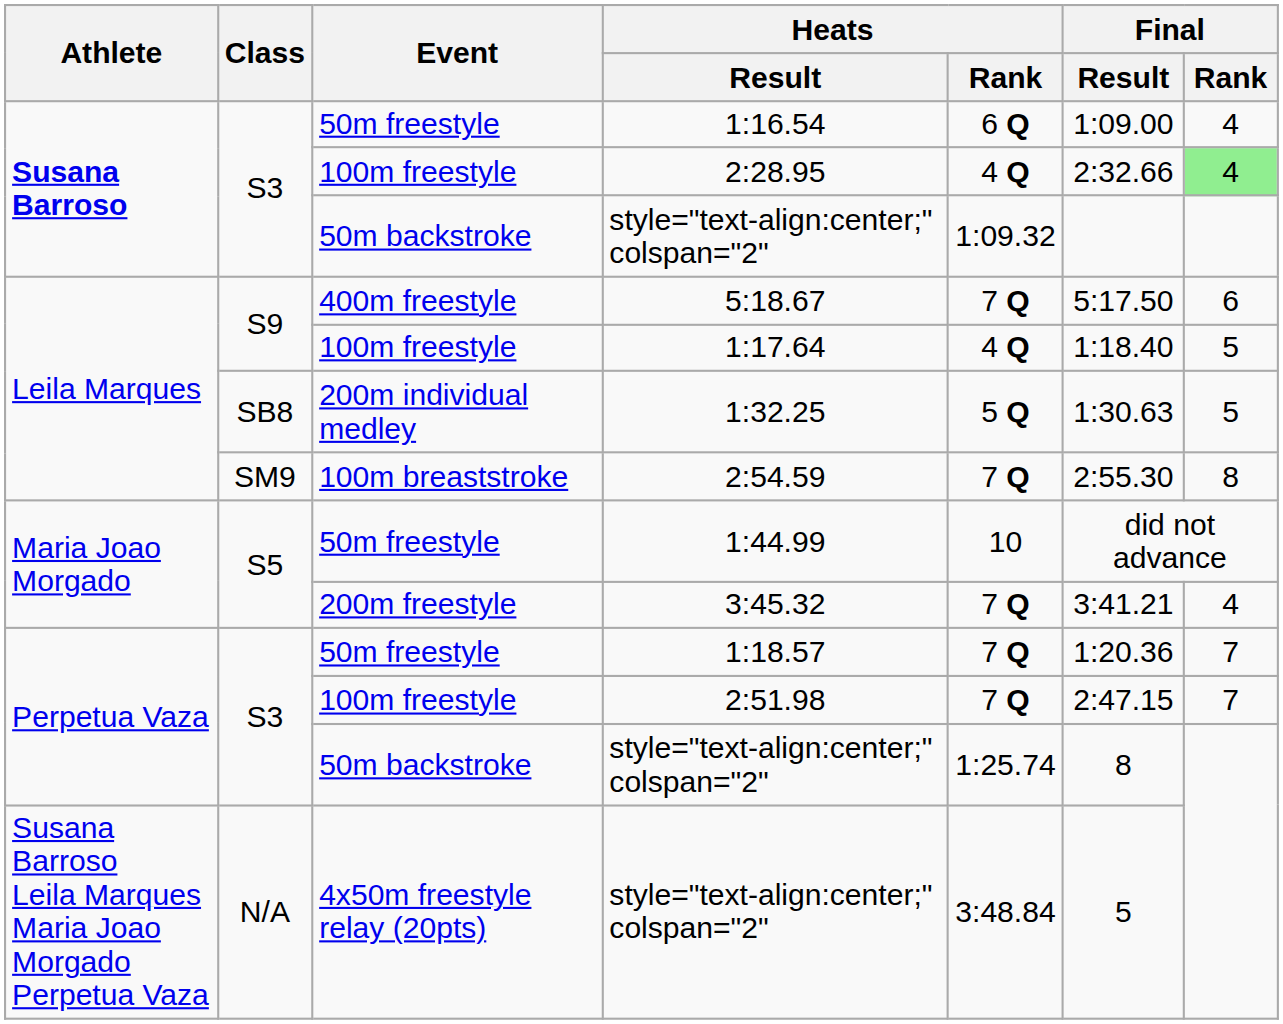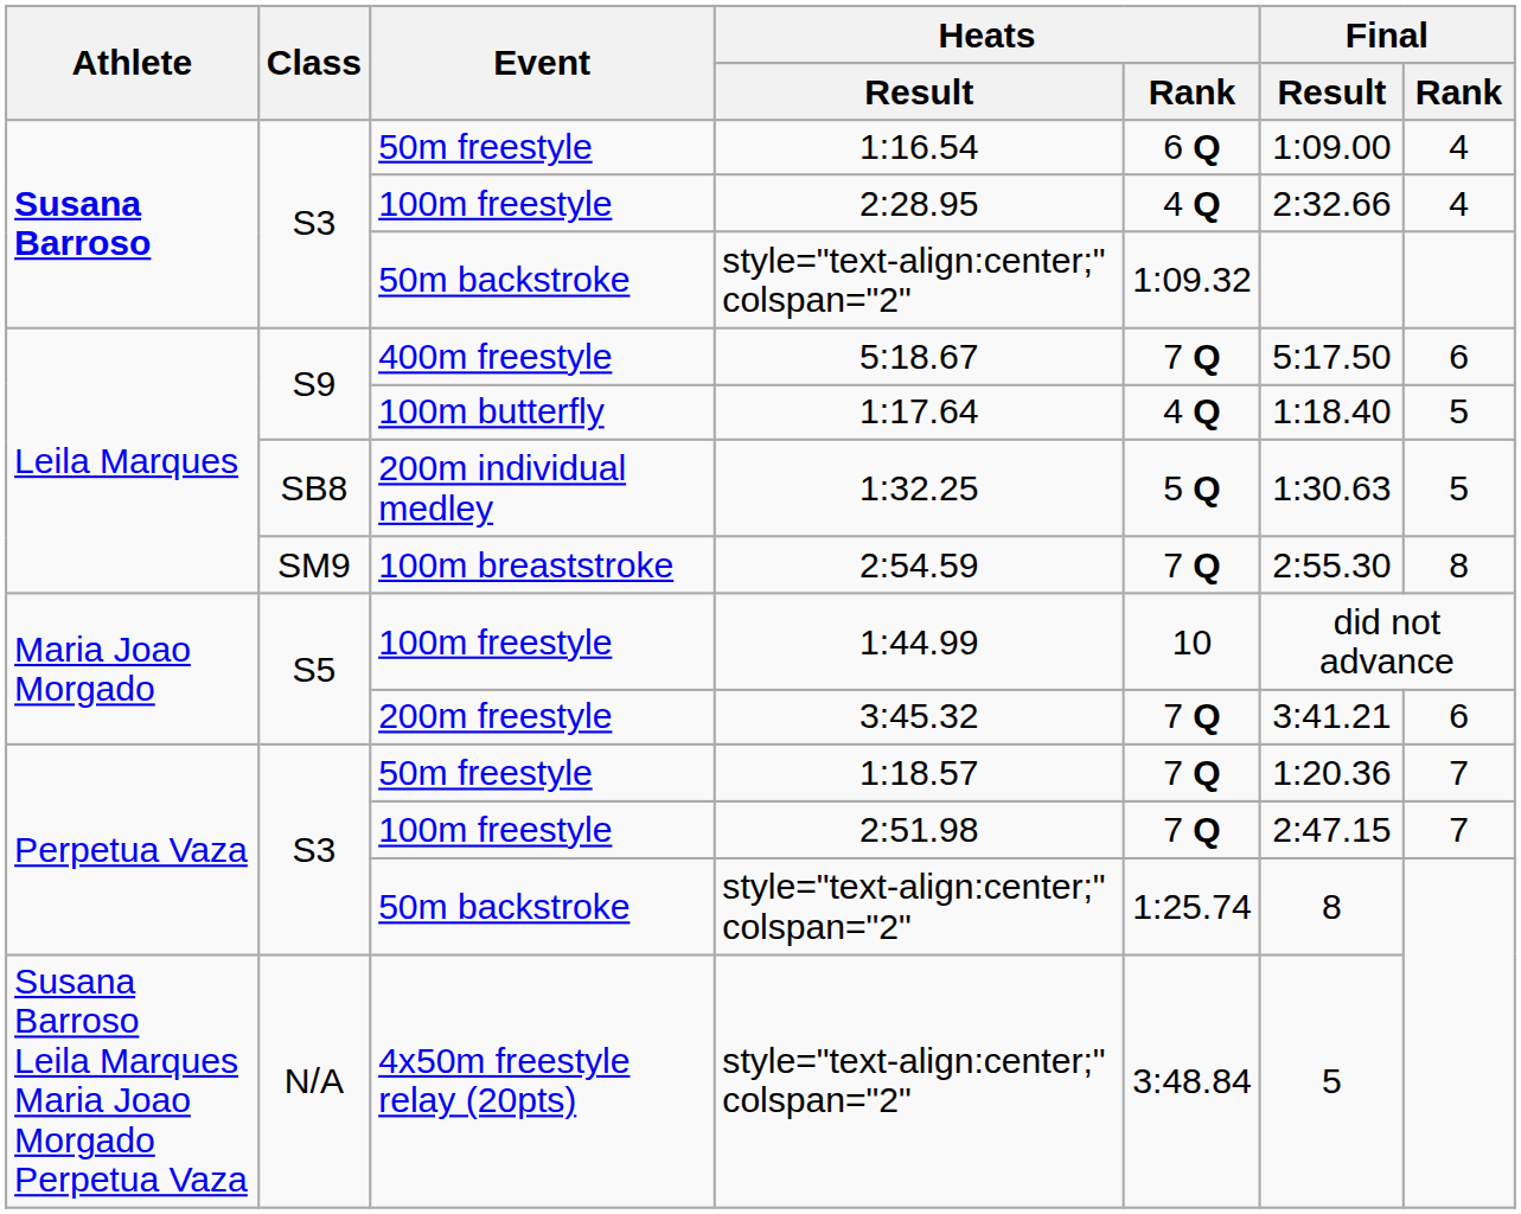 <table class=wikitable style="font-size:90%">
 <tr>
 <th rowspan="2">Athlete</th>
 <th rowspan="2">Class</th>
 <th rowspan="2">Event</th>
 <th colspan="2">Heats</th>
 <th colspan="2">Final</th>
 </tr>
 <tr>
 <th>Result</th>
 <th>Rank</th>
 <th>Result</th>
 <th>Rank</th>
 </tr>
 <tr>
 <td rowspan="3"><strong><a href='#'>Susana Barroso</a></strong></td>
 <td rowspan="3" style="text-align:center;">S3</td>
 <td><a href='#'>50m freestyle</a></td>
 <td style="text-align:center;">1:16.54</td>
 <td style="text-align:center;">6 <strong>Q</strong></td>
 <td style="text-align:center;">1:09.00</td>
 <td style="text-align:center;">4</td>
 </tr>
 <tr>
 <td><a href='#'>100m freestyle</a></td>
 <td style="text-align:center;">2:28.95</td>
 <td style="text-align:center;">4 <strong>Q</strong></td>
 <td style="text-align:center;">2:32.66</td>
-<td style="background: lightgreen; text-align:center;">4</td>
+<td style="text-align:center;">4</td>
 </tr>
 <tr>
 <td><a href='#'>50m backstroke</a></td>
 <td>style="text-align:center;" colspan="2" </td>
 <td style="text-align:center;">1:09.32</td>
 <td style="text-align:center;"></td>
 </tr>
 <tr>
 <td rowspan="4"><a href='#'>Leila Marques</a></td>
 <td rowspan="2" style="text-align:center;">S9</td>
 <td><a href='#'>400m freestyle</a></td>
 <td style="text-align:center;">5:18.67</td>
 <td style="text-align:center;">7 <strong>Q</strong></td>
 <td style="text-align:center;">5:17.50</td>
 <td style="text-align:center;">6</td>
 </tr>
 <tr>
-<td><a href='#'>100m freestyle</a></td>
+<td><a href='#'>100m butterfly</a></td>
 <td style="text-align:center;">1:17.64</td>
 <td style="text-align:center;">4 <strong>Q</strong></td>
 <td style="text-align:center;">1:18.40</td>
 <td style="text-align:center;">5</td>
 </tr>
 <tr>
 <td style="text-align:center;">SB8</td>
 <td><a href='#'>200m individual medley</a></td>
 <td style="text-align:center;">1:32.25</td>
 <td style="text-align:center;">5 <strong>Q</strong></td>
 <td style="text-align:center;">1:30.63</td>
 <td style="text-align:center;">5</td>
 </tr>
 <tr>
 <td style="text-align:center;">SM9</td>
 <td><a href='#'>100m breaststroke</a></td>
 <td style="text-align:center;">2:54.59</td>
 <td style="text-align:center;">7 <strong>Q</strong></td>
 <td style="text-align:center;">2:55.30</td>
 <td style="text-align:center;">8</td>
 </tr>
 <tr>
 <td rowspan="2"><a href='#'>Maria Joao Morgado</a></td>
 <td rowspan="2" style="text-align:center;">S5</td>
-<td><a href='#'>50m freestyle</a></td>
+<td><a href='#'>100m freestyle</a></td>
 <td style="text-align:center;">1:44.99</td>
 <td style="text-align:center;">10</td>
 <td style="text-align:center;" colspan="2">did not advance</td>
 </tr>
 <tr>
 <td><a href='#'>200m freestyle</a></td>
 <td style="text-align:center;">3:45.32</td>
 <td style="text-align:center;">7 <strong>Q</strong></td>
 <td style="text-align:center;">3:41.21</td>
-<td style="text-align:center;">4</td>
+<td style="text-align:center;">6</td>
 </tr>
 <tr>
 <td rowspan="3"><a href='#'>Perpetua Vaza</a></td>
 <td rowspan="3" style="text-align:center;">S3</td>
 <td><a href='#'>50m freestyle</a></td>
 <td style="text-align:center;">1:18.57</td>
 <td style="text-align:center;">7 <strong>Q</strong></td>
 <td style="text-align:center;">1:20.36</td>
 <td style="text-align:center;">7</td>
 </tr>
 <tr>
 <td><a href='#'>100m freestyle</a></td>
 <td style="text-align:center;">2:51.98</td>
 <td style="text-align:center;">7 <strong>Q</strong></td>
 <td style="text-align:center;">2:47.15</td>
 <td style="text-align:center;">7</td>
 </tr>
 <tr>
 <td><a href='#'>50m backstroke</a></td>
 <td>style="text-align:center;" colspan="2" </td>
 <td style="text-align:center;">1:25.74</td>
 <td style="text-align:center;">8</td>
 </tr>
 <tr>
 <td><a href='#'>Susana Barroso</a><br> <a href='#'>Leila Marques</a><br> <a href='#'>Maria Joao Morgado</a><br> <a href='#'>Perpetua Vaza</a></td>
 <td style="text-align:center;">N/A</td>
 <td><a href='#'>4x50m freestyle relay (20pts)</a></td>
 <td>style="text-align:center;" colspan="2" </td>
 <td style="text-align:center;">3:48.84</td>
 <td style="text-align:center;">5</td>
 </tr>
 </table>
